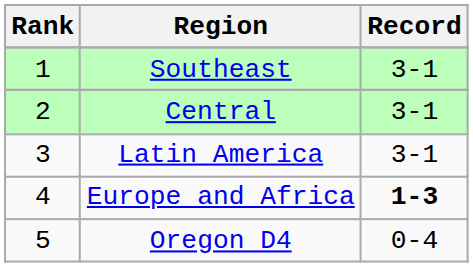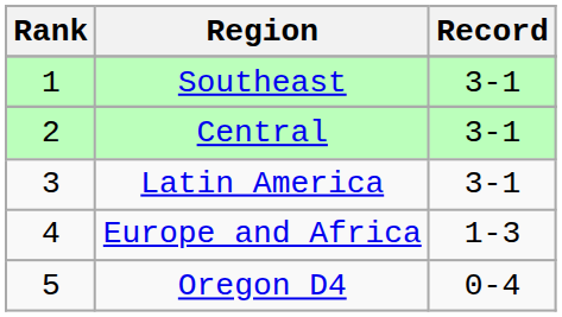 <table class="wikitable">
 <tr>
 <th>Rank</th>
 <th>Region</th>
 <th>Record</th>
 </tr>
 <tr>
 </tr>
 <tr bgcolor=#bbffbb>
 <td align=center>1</td>
 <td align=center> <a href='#'>Southeast</a></td>
 <td align=center>3-1</td>
 </tr>
 <tr>
 </tr>
 <tr bgcolor=#bbffbb>
 <td align=center>2</td>
 <td align=center> <a href='#'>Central</a></td>
 <td align=center>3-1</td>
 </tr>
 <tr>
 <td align=center>3</td>
 <td align=center> <a href='#'>Latin America</a></td>
 <td align=center>3-1</td>
 </tr>
 <tr>
 <td align=center>4</td>
 <td align=center> <a href='#'>Europe and Africa</a></td>
-<td align=center><strong>1-3</strong></td>
+<td align=center>1-3</td>
 </tr>
 <tr>
 <td align=center>5</td>
 <td align=center> <a href='#'>Oregon D4</a></td>
 <td align=center>0-4</td>
 </tr>
 </table>
